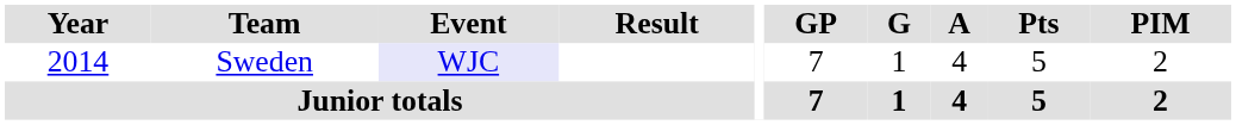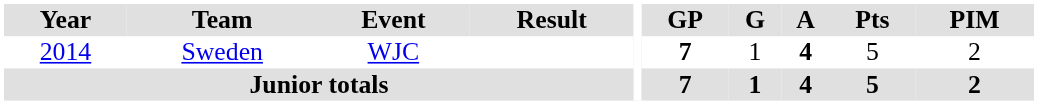 <table border="0" cellpadding="1" cellspacing="0" ID="Table3" style="text-align:center; width:40em">
 <tr ALIGN="center" bgcolor="#e0e0e0">
 <th>Year</th>
 <th>Team</th>
 <th>Event</th>
 <th>Result</th>
 <th rowspan="99" bgcolor="#ffffff"></th>
 <th>GP</th>
 <th>G</th>
 <th>A</th>
 <th>Pts</th>
 <th>PIM</th>
 </tr>
 <tr>
 <td><a href='#'>2014</a></td>
 <td><a href='#'>Sweden</a></td>
-<td style="background: lavender;"><a href='#'>WJC</a></td>
+<td><a href='#'>WJC</a></td>
 <td></td>
-<td>7</td>
+<td><strong>7</strong></td>
 <td>1</td>
-<td>4</td>
+<td><strong>4</strong></td>
 <td>5</td>
 <td>2</td>
 </tr>
 <tr bgcolor="#e0e0e0">
 <th colspan="4">Junior totals</th>
 <th>7</th>
 <th>1</th>
 <th>4</th>
 <th>5</th>
 <th>2</th>
 </tr>
 </table>
